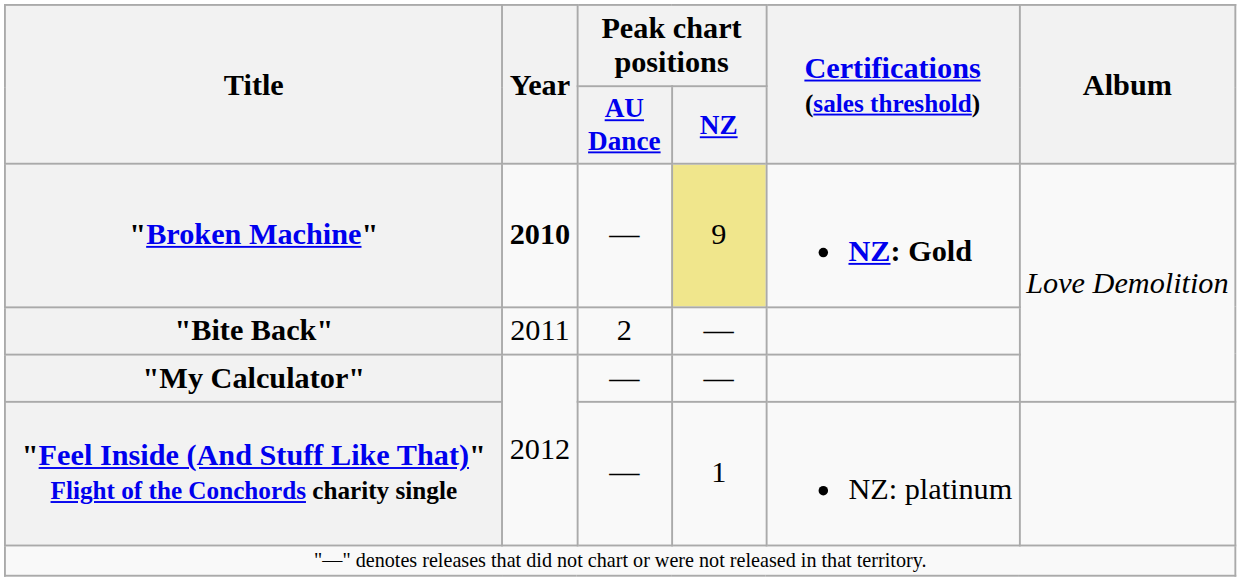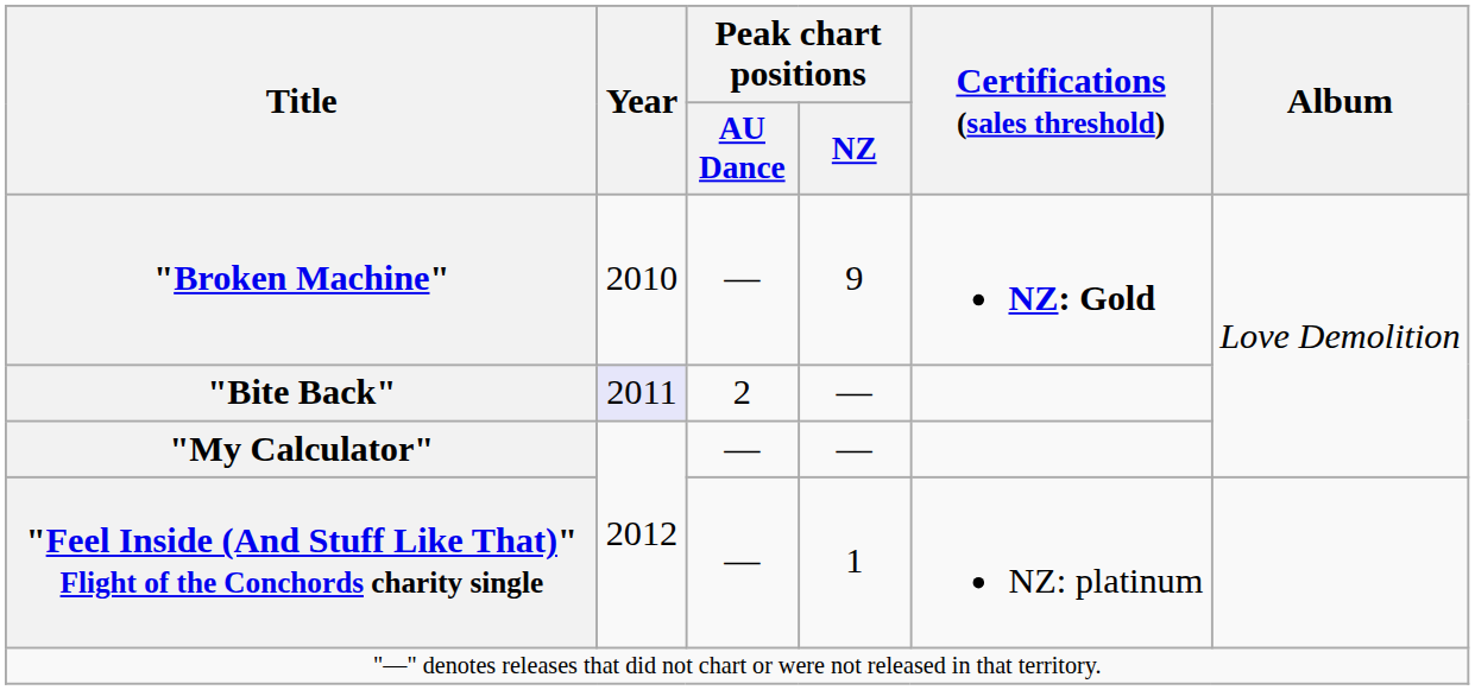 <table class="wikitable plainrowheaders" style="text-align:center;">
 <tr>
 <th scope="col" rowspan="2" style="width:16em;">Title</th>
 <th scope="col" rowspan="2">Year</th>
 <th scope="col" colspan="2">Peak chart positions</th>
 <th rowspan="2"><a href='#'>Certifications</a><br><small>(<a href='#'>sales threshold</a>)</small></th>
 <th scope="col" rowspan="2">Album</th>
 </tr>
 <tr>
 <th scope="col" style="width:3em;font-size:90%;"><a href='#'>AU Dance</a></th>
 <th scope="col" style="width:3em;font-size:90%;"><a href='#'>NZ</a></th>
 </tr>
 <tr>
 <th scope="row">"<a href='#'>Broken Machine</a>"</th>
-<td><strong>2010</strong></td>
+<td>2010</td>
 <td>—</td>
-<td style="background: khaki;">9</td>
+<td>9</td>
 <td style="text-align:left;"><strong><br><ul><li><a href='#'>NZ</a>: Gold</li></ul></strong></td>
 <td rowspan="3"><em>Love Demolition</em></td>
 </tr>
 <tr>
 <th scope="row">"Bite Back"</th>
-<td>2011</td>
+<td style="background: lavender;">2011</td>
 <td>2</td>
 <td>—</td>
 <td></td>
 </tr>
 <tr>
 <th scope="row">"My Calculator"</th>
 <td rowspan=2>2012</td>
 <td>—</td>
 <td>—</td>
 <td></td>
 </tr>
 <tr>
 <th scope="row">"<a href='#'>Feel Inside (And Stuff Like That)</a>" <small><a href='#'>Flight of the Conchords</a> charity single</small></th>
 <td>—</td>
 <td>1</td>
 <td><br><ul><li>NZ: platinum</li></ul></td>
 <td></td>
 </tr>
 <tr>
 <td colspan="6" style="text-align:center; font-size:8pt;">"—" denotes releases that did not chart or were not released in that territory.</td>
 </tr>
 </table>
